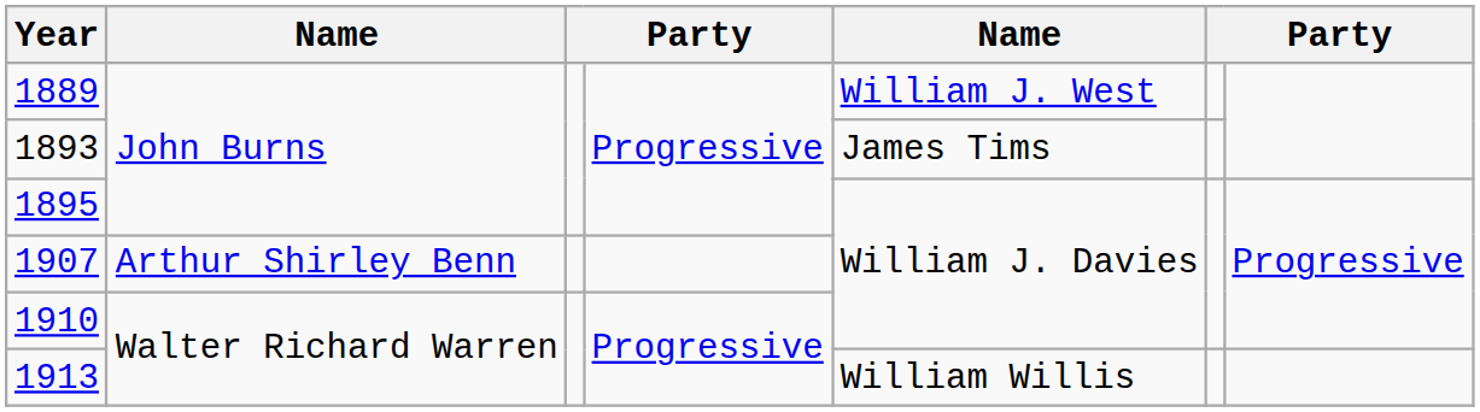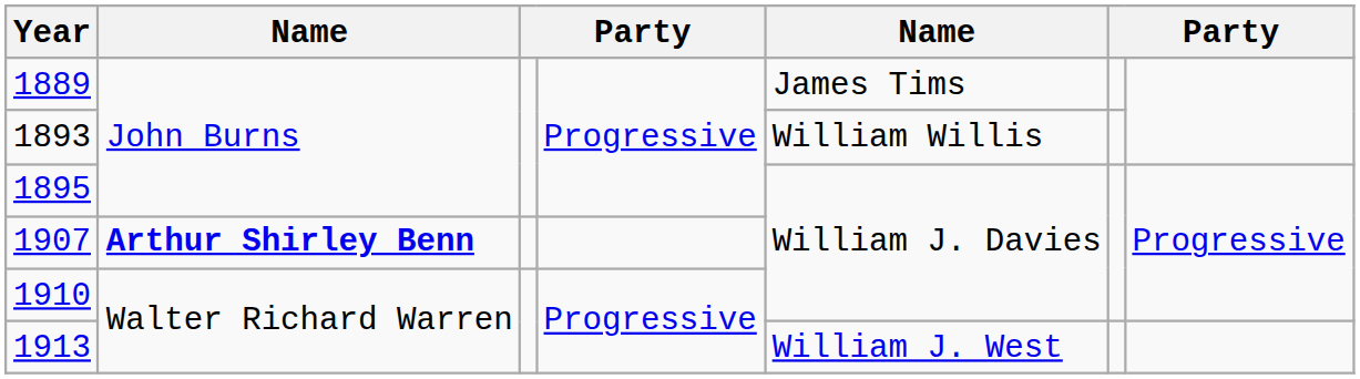 <table class="wikitable">
 <tr>
 <th>Year</th>
 <th>Name</th>
 <th colspan=2>Party</th>
 <th>Name</th>
 <th colspan=2>Party</th>
 </tr>
 <tr>
 <td><a href='#'>1889</a></td>
 <td rowspan=3><a href='#'>John Burns</a></td>
 <td rowspan=3 style="background-color: "></td>
 <td rowspan=3><a href='#'>Progressive</a></td>
-<td><a href='#'>William J. West</a></td>
+<td>James Tims</td>
 <td></td>
 </tr>
 <tr>
 <td>1893</td>
-<td>James Tims</td>
+<td>William Willis</td>
 <td></td>
 </tr>
 <tr>
 <td><a href='#'>1895</a></td>
 <td rowspan=3>William J. Davies</td>
 <td rowspan=3 style="background-color: "></td>
 <td rowspan=3><a href='#'>Progressive</a></td>
 </tr>
 <tr>
 <td><a href='#'>1907</a></td>
-<td><a href='#'>Arthur Shirley Benn</a></td>
+<td><strong><a href='#'>Arthur Shirley Benn</a></strong></td>
 <td></td>
 </tr>
 <tr>
 <td><a href='#'>1910</a></td>
 <td rowspan=2>Walter Richard Warren</td>
 <td rowspan=2 style="background-color: "></td>
 <td rowspan=2><a href='#'>Progressive</a></td>
 </tr>
 <tr>
 <td><a href='#'>1913</a></td>
-<td>William Willis</td>
+<td><a href='#'>William J. West</a></td>
 <td></td>
 </tr>
 </table>
